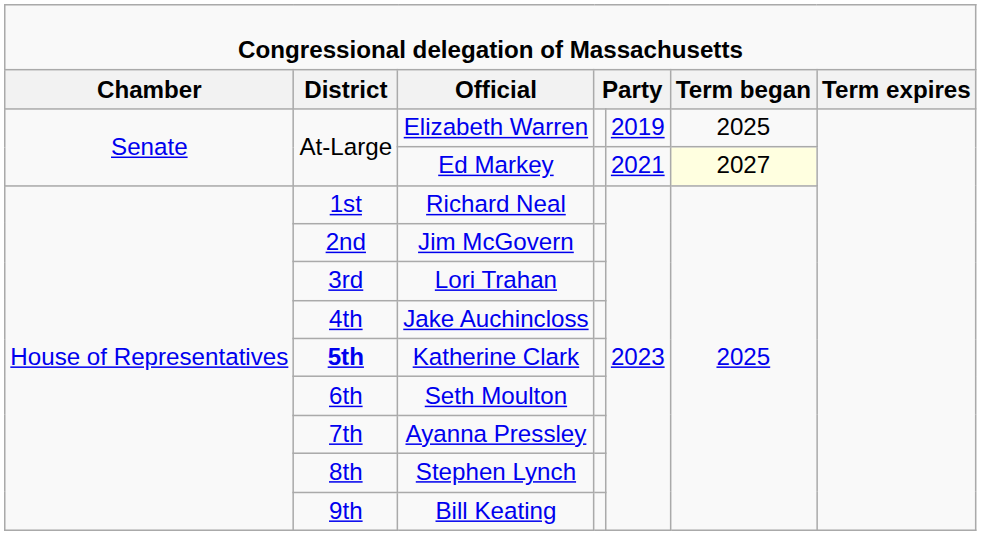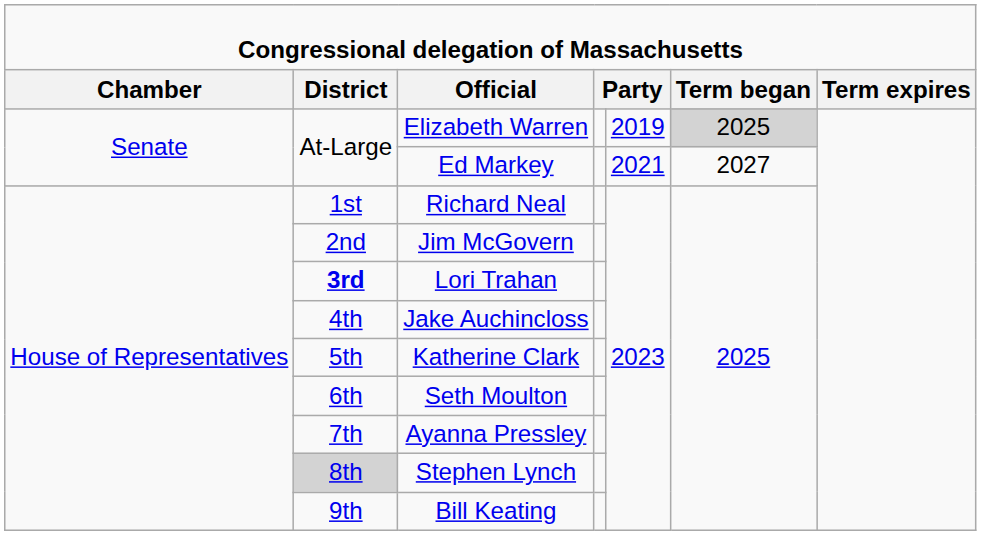 <table class="wikitable" style="text-align:center">
 <tr>
 <td colspan="7"><br><strong>Congressional delegation of Massachusetts</strong></td>
 </tr>
 <tr>
 <th>Chamber</th>
 <th>District</th>
 <th>Official</th>
 <th colspan="2">Party</th>
 <th>Term began</th>
 <th>Term expires</th>
 </tr>
 <tr>
 <td rowspan="2"><a href='#'>Senate</a></td>
 <td rowspan="2">At-Large</td>
 <td><a href='#'>Elizabeth Warren</a></td>
 <td></td>
 <td><a href='#'>2019</a></td>
-<td>2025</td>
+<td style="background: lightgrey;">2025</td>
 </tr>
 <tr>
 <td><a href='#'>Ed Markey</a></td>
 <td></td>
 <td><a href='#'>2021</a></td>
-<td style="background: lightyellow;">2027</td>
+<td>2027</td>
 </tr>
 <tr>
 <td rowspan="9"><a href='#'>House of Representatives</a></td>
 <td><a href='#'>1st</a></td>
 <td><a href='#'>Richard Neal</a></td>
 <td></td>
 <td rowspan="9"><a href='#'>2023</a></td>
 <td rowspan="9"><a href='#'>2025</a></td>
 </tr>
 <tr>
 <td><a href='#'>2nd</a></td>
 <td><a href='#'>Jim McGovern</a></td>
 <td></td>
 </tr>
 <tr>
-<td><a href='#'>3rd</a></td>
+<td><strong><a href='#'>3rd</a></strong></td>
 <td><a href='#'>Lori Trahan</a></td>
 <td></td>
 </tr>
 <tr>
 <td><a href='#'>4th</a></td>
 <td><a href='#'>Jake Auchincloss</a></td>
 <td></td>
 </tr>
 <tr>
-<td><strong><a href='#'>5th</a></strong></td>
+<td><a href='#'>5th</a></td>
 <td><a href='#'>Katherine Clark</a></td>
 <td></td>
 </tr>
 <tr>
 <td><a href='#'>6th</a></td>
 <td><a href='#'>Seth Moulton</a></td>
 <td></td>
 </tr>
 <tr>
 <td><a href='#'>7th</a></td>
 <td><a href='#'>Ayanna Pressley</a></td>
 <td></td>
 </tr>
 <tr>
-<td><a href='#'>8th</a></td>
+<td style="background: lightgrey;"><a href='#'>8th</a></td>
 <td><a href='#'>Stephen Lynch</a></td>
 <td></td>
 </tr>
 <tr>
 <td><a href='#'>9th</a></td>
 <td><a href='#'>Bill Keating</a></td>
 <td></td>
 </tr>
 </table>
